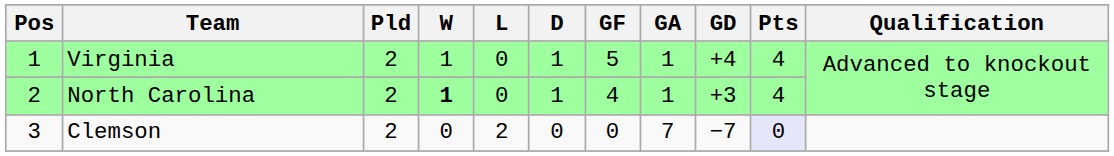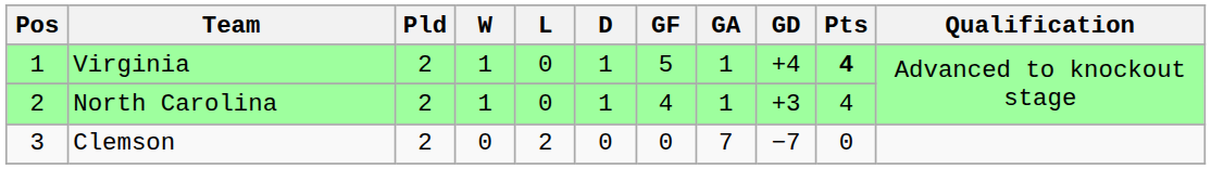 <table class="wikitable" style="text-align:center; margin: 1em auto">
 <tr>
 <th style="width:2em">Pos</th>
 <th style="width:13em">Team</th>
 <th style="width:2em">Pld</th>
 <th style="width:2em">W</th>
 <th style="width:2em">L</th>
 <th style="width:2em">D</th>
 <th style="width:2em">GF</th>
 <th style="width:2em">GA</th>
 <th style="width:2em">GD</th>
 <th style="width:2em">Pts</th>
 <th style="width:13em">Qualification</th>
 </tr>
 <tr bgcolor="#9eff9e">
 <td>1</td>
 <td style="text-align:left">Virginia</td>
 <td>2</td>
 <td>1</td>
 <td>0</td>
 <td>1</td>
 <td>5</td>
 <td>1</td>
 <td>+4</td>
-<td>4</td>
+<td><strong>4</strong></td>
 <td rowspan="2">Advanced to knockout stage</td>
 </tr>
 <tr bgcolor="#9eff9e">
 <td>2</td>
 <td style="text-align:left">North Carolina</td>
 <td>2</td>
-<td><strong>1</strong></td>
+<td>1</td>
 <td>0</td>
 <td>1</td>
 <td>4</td>
 <td>1</td>
 <td>+3</td>
 <td>4</td>
 </tr>
 <tr>
 <td>3</td>
 <td style="text-align:left">Clemson</td>
 <td>2</td>
 <td>0</td>
 <td>2</td>
 <td>0</td>
 <td>0</td>
 <td>7</td>
 <td>−7</td>
-<td style="background: lavender;">0</td>
+<td>0</td>
 <td></td>
 </tr>
 </table>
